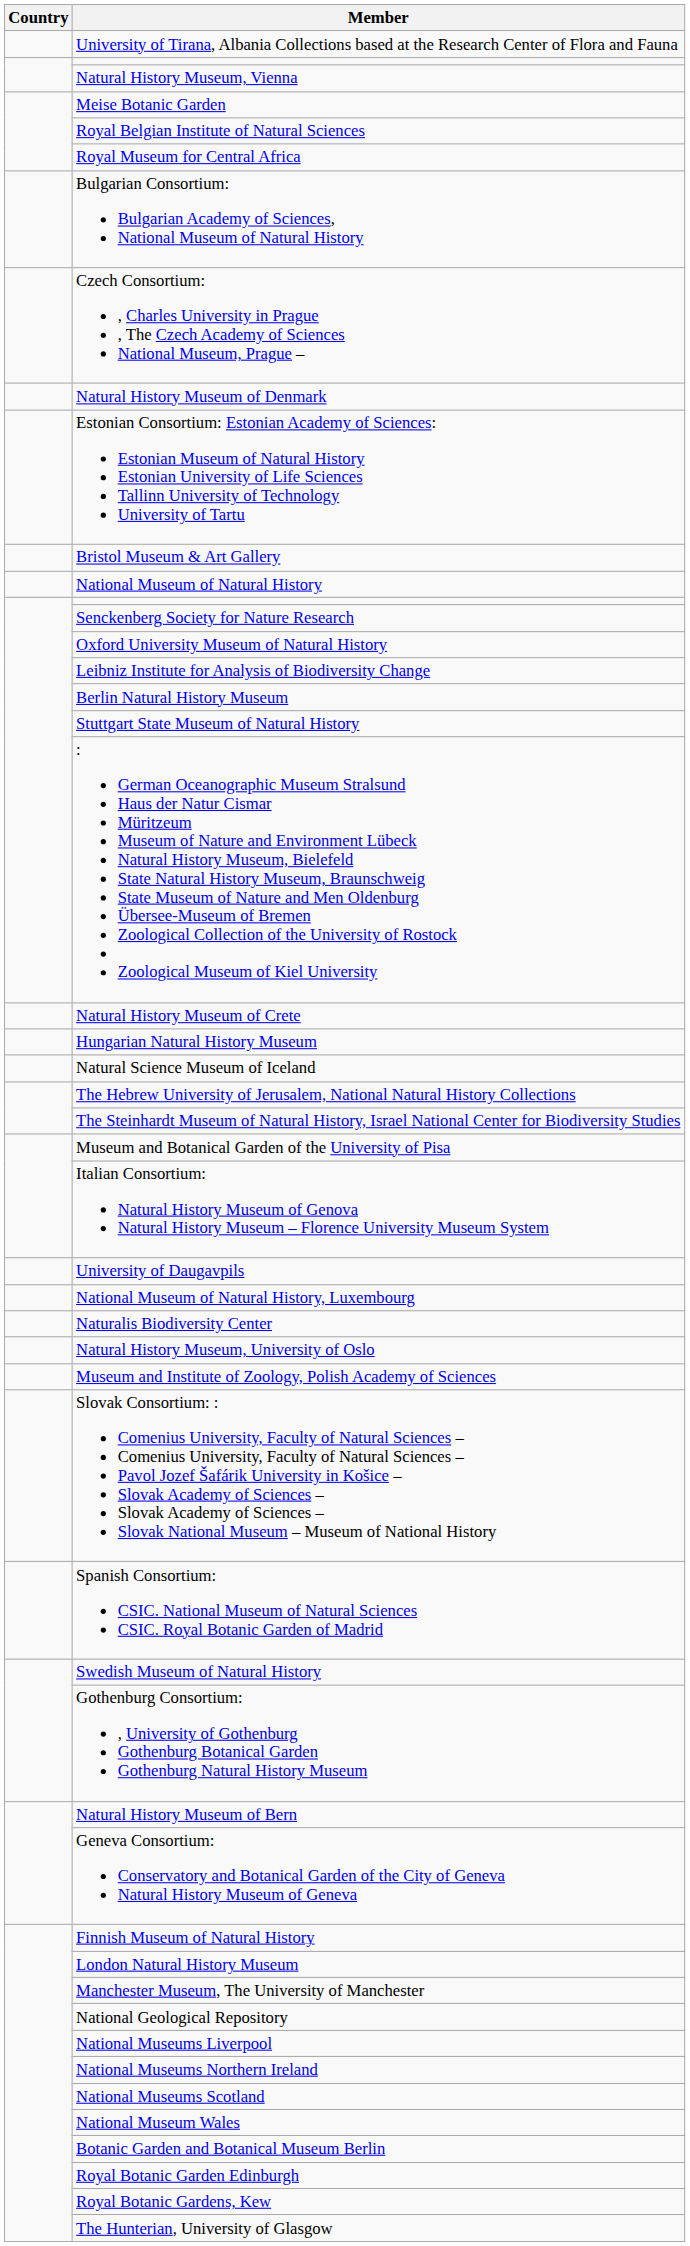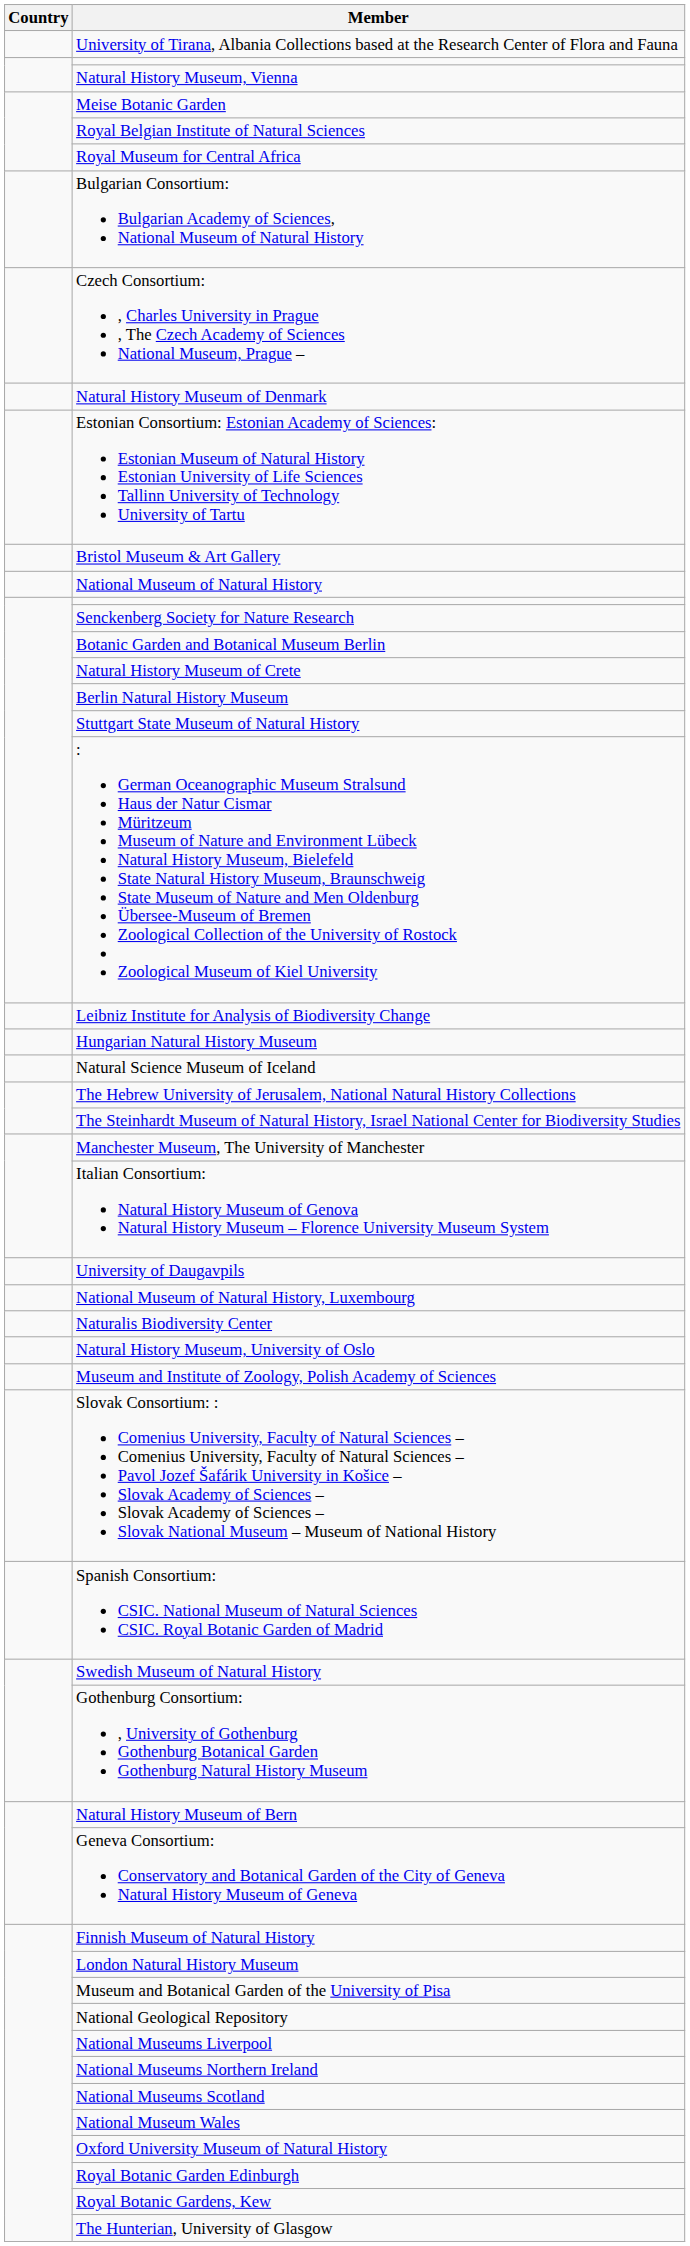 <table class="sortable wikitable">
 <tr>
 <th>Country</th>
 <th>Member</th>
 </tr>
 <tr>
 <td></td>
 <td><a href='#'>University of Tirana</a>, Albania Collections based at the Research Center of Flora and Fauna</td>
 </tr>
 <tr>
 <td rowspan=2></td>
 <td></td>
 </tr>
 <tr>
 <td><a href='#'>Natural History Museum, Vienna</a></td>
 </tr>
 <tr>
 <td rowspan=3></td>
 <td><a href='#'>Meise Botanic Garden</a></td>
 </tr>
 <tr>
 <td><a href='#'>Royal Belgian Institute of Natural Sciences</a></td>
 </tr>
 <tr>
 <td><a href='#'>Royal Museum for Central Africa</a></td>
 </tr>
 <tr>
 <td></td>
 <td>Bulgarian Consortium:<br><ul><li><a href='#'>Bulgarian Academy of Sciences</a>, </li><li><a href='#'>National Museum of Natural History</a></li></ul></td>
 </tr>
 <tr>
 <td></td>
 <td>Czech Consortium:<br><ul><li>, <a href='#'>Charles University in Prague</a></li><li>, The <a href='#'>Czech Academy of Sciences</a></li><li><a href='#'>National Museum, Prague</a> – </li></ul></td>
 </tr>
 <tr>
 <td></td>
 <td><a href='#'>Natural History Museum of Denmark</a></td>
 </tr>
 <tr>
 <td></td>
 <td>Estonian Consortium: <a href='#'>Estonian Academy of Sciences</a>:<br><ul><li><a href='#'>Estonian Museum of Natural History</a></li><li><a href='#'>Estonian University of Life Sciences</a></li><li><a href='#'>Tallinn University of Technology</a></li><li><a href='#'>University of Tartu</a> </li></ul></td>
 </tr>
 <tr>
 <td></td>
 <td><a href='#'>Bristol Museum & Art Gallery</a></td>
 </tr>
 <tr>
 <td></td>
 <td><a href='#'>National Museum of Natural History</a></td>
 </tr>
 <tr>
 <td rowspan=7></td>
 <td></td>
 </tr>
 <tr>
 <td><a href='#'>Senckenberg Society for Nature Research</a></td>
 </tr>
 <tr>
-<td><a href='#'>Oxford University Museum of Natural History</a></td>
+<td><a href='#'>Botanic Garden and Botanical Museum Berlin</a></td>
 </tr>
 <tr>
-<td><a href='#'>Leibniz Institute for Analysis of Biodiversity Change</a></td>
+<td><a href='#'>Natural History Museum of Crete</a></td>
 </tr>
 <tr>
 <td><a href='#'>Berlin Natural History Museum</a></td>
 </tr>
 <tr>
 <td><a href='#'>Stuttgart State Museum of Natural History</a></td>
 </tr>
 <tr>
 <td>:<br><ul><li><a href='#'>German Oceanographic Museum Stralsund</a></li><li><a href='#'>Haus der Natur Cismar</a></li><li><a href='#'>Müritzeum</a></li><li><a href='#'>Museum of Nature and Environment Lübeck</a></li><li><a href='#'>Natural History Museum, Bielefeld</a></li><li><a href='#'>State Natural History Museum, Braunschweig</a></li><li><a href='#'>State Museum of Nature and Men Oldenburg</a></li><li><a href='#'>Übersee-Museum of Bremen</a></li><li><a href='#'>Zoological Collection of the University of Rostock</a></li><li></li><li><a href='#'>Zoological Museum of Kiel University</a></li></ul></td>
 </tr>
 <tr>
 <td></td>
-<td><a href='#'>Natural History Museum of Crete</a></td>
+<td><a href='#'>Leibniz Institute for Analysis of Biodiversity Change</a></td>
 </tr>
 <tr>
 <td></td>
 <td><a href='#'>Hungarian Natural History Museum</a></td>
 </tr>
 <tr>
 <td></td>
 <td>Natural Science Museum of Iceland</td>
 </tr>
 <tr>
 <td rowspan=2></td>
 <td><a href='#'>The Hebrew University of Jerusalem, National Natural History Collections</a></td>
 </tr>
 <tr>
 <td><a href='#'>The Steinhardt Museum of Natural History, Israel National Center for Biodiversity Studies</a></td>
 </tr>
 <tr>
 <td rowspan=2></td>
-<td>Museum and Botanical Garden of the <a href='#'>University of Pisa</a></td>
+<td><a href='#'>Manchester Museum</a>, The University of Manchester</td>
 </tr>
 <tr>
 <td>Italian Consortium:<br><ul><li><a href='#'>Natural History Museum of Genova</a></li><li><a href='#'>Natural History Museum – Florence University Museum System</a></li></ul></td>
 </tr>
 <tr>
 <td></td>
 <td><a href='#'>University of Daugavpils</a></td>
 </tr>
 <tr>
 <td></td>
 <td><a href='#'>National Museum of Natural History, Luxembourg</a></td>
 </tr>
 <tr>
 <td></td>
 <td><a href='#'>Naturalis Biodiversity Center</a></td>
 </tr>
 <tr>
 <td></td>
 <td><a href='#'>Natural History Museum, University of Oslo</a></td>
 </tr>
 <tr>
 <td></td>
 <td><a href='#'>Museum and Institute of Zoology, Polish Academy of Sciences</a></td>
 </tr>
 <tr>
 <td></td>
 <td>Slovak Consortium: :<br><ul><li><a href='#'>Comenius University, Faculty of Natural Sciences</a> – </li><li>Comenius University, Faculty of Natural Sciences – </li><li><a href='#'>Pavol Jozef Šafárik University in Košice</a> – </li><li><a href='#'>Slovak Academy of Sciences</a> – </li><li>Slovak Academy of Sciences – </li><li><a href='#'>Slovak National Museum</a> – Museum of National History</li></ul></td>
 </tr>
 <tr>
 <td></td>
 <td>Spanish Consortium:<br><ul><li><a href='#'>CSIC. National Museum of Natural Sciences</a></li><li><a href='#'>CSIC. Royal Botanic Garden of Madrid</a></li></ul></td>
 </tr>
 <tr>
 <td rowspan=2></td>
 <td><a href='#'>Swedish Museum of Natural History</a></td>
 </tr>
 <tr>
 <td>Gothenburg Consortium:<br><ul><li>, <a href='#'>University of Gothenburg</a></li><li><a href='#'>Gothenburg Botanical Garden</a></li><li><a href='#'>Gothenburg Natural History Museum</a></li></ul></td>
 </tr>
 <tr>
 <td rowspan=2></td>
 <td><a href='#'>Natural History Museum of Bern</a></td>
 </tr>
 <tr>
 <td>Geneva Consortium:<br><ul><li><a href='#'>Conservatory and Botanical Garden of the City of Geneva</a></li><li><a href='#'>Natural History Museum of Geneva</a></li></ul></td>
 </tr>
 <tr>
 <td rowspan=12></td>
 <td><a href='#'>Finnish Museum of Natural History</a></td>
 </tr>
 <tr>
 <td><a href='#'>London Natural History Museum</a></td>
 </tr>
 <tr>
-<td><a href='#'>Manchester Museum</a>, The University of Manchester</td>
+<td>Museum and Botanical Garden of the <a href='#'>University of Pisa</a></td>
 </tr>
 <tr>
 <td>National Geological Repository</td>
 </tr>
 <tr>
 <td><a href='#'>National Museums Liverpool</a></td>
 </tr>
 <tr>
 <td><a href='#'>National Museums Northern Ireland</a></td>
 </tr>
 <tr>
 <td><a href='#'>National Museums Scotland</a></td>
 </tr>
 <tr>
 <td> <a href='#'>National Museum Wales</a></td>
 </tr>
 <tr>
-<td><a href='#'>Botanic Garden and Botanical Museum Berlin</a></td>
+<td><a href='#'>Oxford University Museum of Natural History</a></td>
 </tr>
 <tr>
 <td><a href='#'>Royal Botanic Garden Edinburgh</a></td>
 </tr>
 <tr>
 <td><a href='#'>Royal Botanic Gardens, Kew</a></td>
 </tr>
 <tr>
 <td><a href='#'>The Hunterian</a>, University of Glasgow</td>
 </tr>
 </table>
